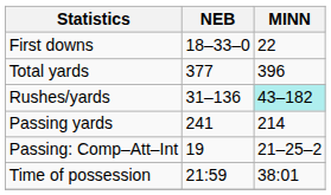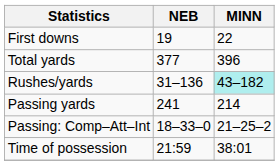 <table class="wikitable" style="float: left;">
 <tr>
 <th>Statistics</th>
 <th>NEB</th>
 <th>MINN</th>
 </tr>
 <tr>
 <td>First downs</td>
-<td>18–33–0</td>
+<td>19</td>
 <td>22</td>
 </tr>
 <tr>
 <td>Total yards</td>
 <td>377</td>
 <td>396</td>
 </tr>
 <tr>
 <td>Rushes/yards</td>
 <td>31–136</td>
 <td style="background: paleturquoise;">43–182</td>
 </tr>
 <tr>
 <td>Passing yards</td>
 <td>241</td>
 <td>214</td>
 </tr>
 <tr>
 <td>Passing: Comp–Att–Int</td>
-<td>19</td>
+<td>18–33–0</td>
 <td>21–25–2</td>
 </tr>
 <tr>
 <td>Time of possession</td>
 <td>21:59</td>
 <td>38:01</td>
 </tr>
 <tr>
 </tr>
 </table>
